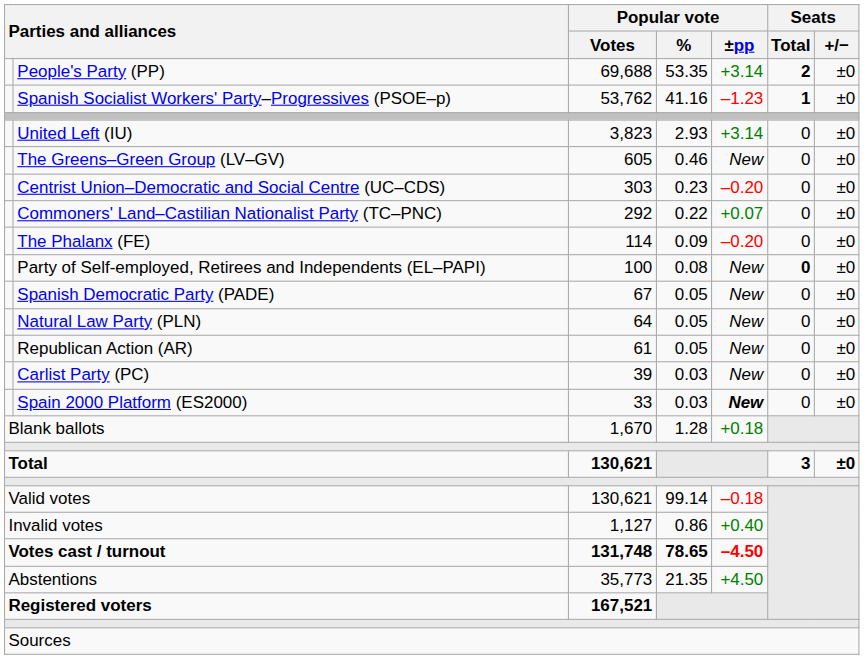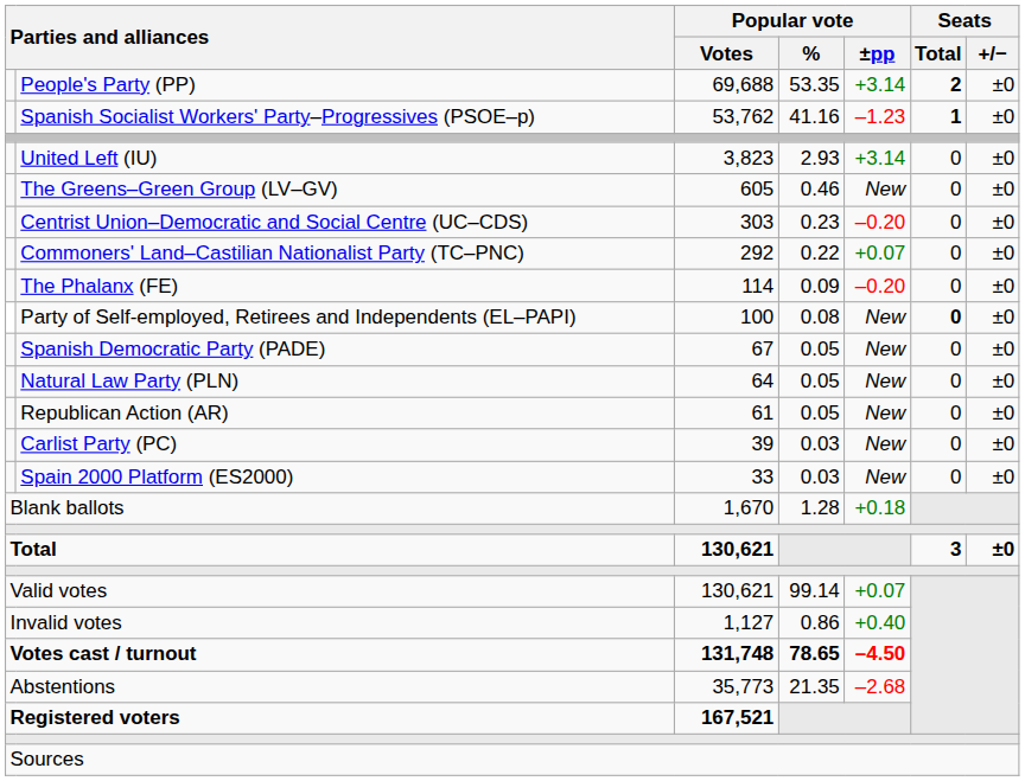 <table class="wikitable" style="text-align:right;">
 <tr>
 <th style="text-align:left;" rowspan="2" colspan="2" width="525">Parties and alliances</th>
 <th colspan="3">Popular vote</th>
 <th colspan="2">Seats</th>
 </tr>
 <tr>
 <th width="75">Votes</th>
 <th width="45">%</th>
 <th width="45">±<a href='#'>pp</a></th>
 <th width="35">Total</th>
 <th width="35">+/−</th>
 </tr>
 <tr>
 <td width="1" style="color:inherit;background:"></td>
 <td align="left"><a href='#'>People's Party</a> (PP)</td>
 <td>69,688</td>
 <td>53.35</td>
 <td style="color:green;">+3.14</td>
 <td><strong>2</strong></td>
 <td>±0</td>
 </tr>
 <tr>
 <td style="color:inherit;background:"></td>
 <td align="left"><a href='#'>Spanish Socialist Workers' Party</a>–<a href='#'>Progressives</a> (PSOE–p)</td>
 <td>53,762</td>
 <td>41.16</td>
 <td style="color:red;">–1.23</td>
 <td><strong>1</strong></td>
 <td>±0</td>
 </tr>
 <tr>
 <td colspan="7" bgcolor="#C0C0C0"></td>
 </tr>
 <tr>
 <td style="color:inherit;background:"></td>
 <td align="left"><a href='#'>United Left</a> (IU)</td>
 <td>3,823</td>
 <td>2.93</td>
 <td style="color:green;">+3.14</td>
 <td>0</td>
 <td>±0</td>
 </tr>
 <tr>
 <td style="color:inherit;background:"></td>
 <td align="left"><a href='#'>The Greens–Green Group</a> (LV–GV)</td>
 <td>605</td>
 <td>0.46</td>
 <td><em>New</em></td>
 <td>0</td>
 <td>±0</td>
 </tr>
 <tr>
 <td style="color:inherit;background:"></td>
 <td align="left"><a href='#'>Centrist Union–Democratic and Social Centre</a> (UC–CDS)</td>
 <td>303</td>
 <td>0.23</td>
 <td style="color:red;">–0.20</td>
 <td>0</td>
 <td>±0</td>
 </tr>
 <tr>
 <td style="color:inherit;background:"></td>
 <td align="left"><a href='#'>Commoners' Land–Castilian Nationalist Party</a> (TC–PNC)</td>
 <td>292</td>
 <td>0.22</td>
 <td style="color:green;">+0.07</td>
 <td>0</td>
 <td>±0</td>
 </tr>
 <tr>
 <td style="color:inherit;background:"></td>
 <td align="left"><a href='#'>The Phalanx</a> (FE)</td>
 <td>114</td>
 <td>0.09</td>
 <td style="color:red;">–0.20</td>
 <td>0</td>
 <td>±0</td>
 </tr>
 <tr>
 <td bgcolor="white"></td>
 <td align="left">Party of Self-employed, Retirees and Independents (EL–PAPI)</td>
 <td>100</td>
 <td>0.08</td>
 <td><em>New</em></td>
 <td><strong>0</strong></td>
 <td>±0</td>
 </tr>
 <tr>
 <td style="color:inherit;background:"></td>
 <td align="left"><a href='#'>Spanish Democratic Party</a> (PADE)</td>
 <td>67</td>
 <td>0.05</td>
 <td><em>New</em></td>
 <td>0</td>
 <td>±0</td>
 </tr>
 <tr>
 <td style="color:inherit;background:"></td>
 <td align="left"><a href='#'>Natural Law Party</a> (PLN)</td>
 <td>64</td>
 <td>0.05</td>
 <td><em>New</em></td>
 <td>0</td>
 <td>±0</td>
 </tr>
 <tr>
 <td style="color:inherit;background:"></td>
 <td align="left">Republican Action (AR)</td>
 <td>61</td>
 <td>0.05</td>
 <td><em>New</em></td>
 <td>0</td>
 <td>±0</td>
 </tr>
 <tr>
 <td style="color:inherit;background:"></td>
 <td align="left"><a href='#'>Carlist Party</a> (PC)</td>
 <td>39</td>
 <td>0.03</td>
 <td><em>New</em></td>
 <td>0</td>
 <td>±0</td>
 </tr>
 <tr>
 <td style="color:inherit;background:"></td>
 <td align="left"><a href='#'>Spain 2000 Platform</a> (ES2000)</td>
 <td>33</td>
 <td>0.03</td>
-<td><strong><em>New</em></strong></td>
+<td><em>New</em></td>
 <td>0</td>
 <td>±0</td>
 </tr>
 <tr>
 <td align="left" colspan="2">Blank ballots</td>
 <td>1,670</td>
 <td>1.28</td>
 <td style="color:green;">+0.18</td>
 <td bgcolor="#E9E9E9" colspan="2"></td>
 </tr>
 <tr>
 <td colspan="7" bgcolor="#E9E9E9"></td>
 </tr>
 <tr style="font-weight:bold;">
 <td align="left" colspan="2">Total</td>
 <td>130,621</td>
 <td bgcolor="#E9E9E9" colspan="2"></td>
 <td>3</td>
 <td>±0</td>
 </tr>
 <tr>
 <td colspan="7" bgcolor="#E9E9E9"></td>
 </tr>
 <tr>
 <td align="left" colspan="2">Valid votes</td>
 <td>130,621</td>
 <td>99.14</td>
-<td style="color:red;">–0.18</td>
+<td style="color:green;">+0.07</td>
 <td bgcolor="#E9E9E9" colspan="2" rowspan="5"></td>
 </tr>
 <tr>
 <td align="left" colspan="2">Invalid votes</td>
 <td>1,127</td>
 <td>0.86</td>
 <td style="color:green;">+0.40</td>
 </tr>
 <tr style="font-weight:bold;">
 <td align="left" colspan="2">Votes cast / turnout</td>
 <td>131,748</td>
 <td>78.65</td>
 <td style="color:red;">–4.50</td>
 </tr>
 <tr>
 <td align="left" colspan="2">Abstentions</td>
 <td>35,773</td>
 <td>21.35</td>
-<td style="color:green;">+4.50</td>
+<td style="color:red;">–2.68</td>
 </tr>
 <tr style="font-weight:bold;">
 <td align="left" colspan="2">Registered voters</td>
 <td>167,521</td>
 <td bgcolor="#E9E9E9" colspan="2"></td>
 </tr>
 <tr>
 <td colspan="7" bgcolor="#E9E9E9"></td>
 </tr>
 <tr>
 <td align="left" colspan="7">Sources</td>
 </tr>
 </table>
